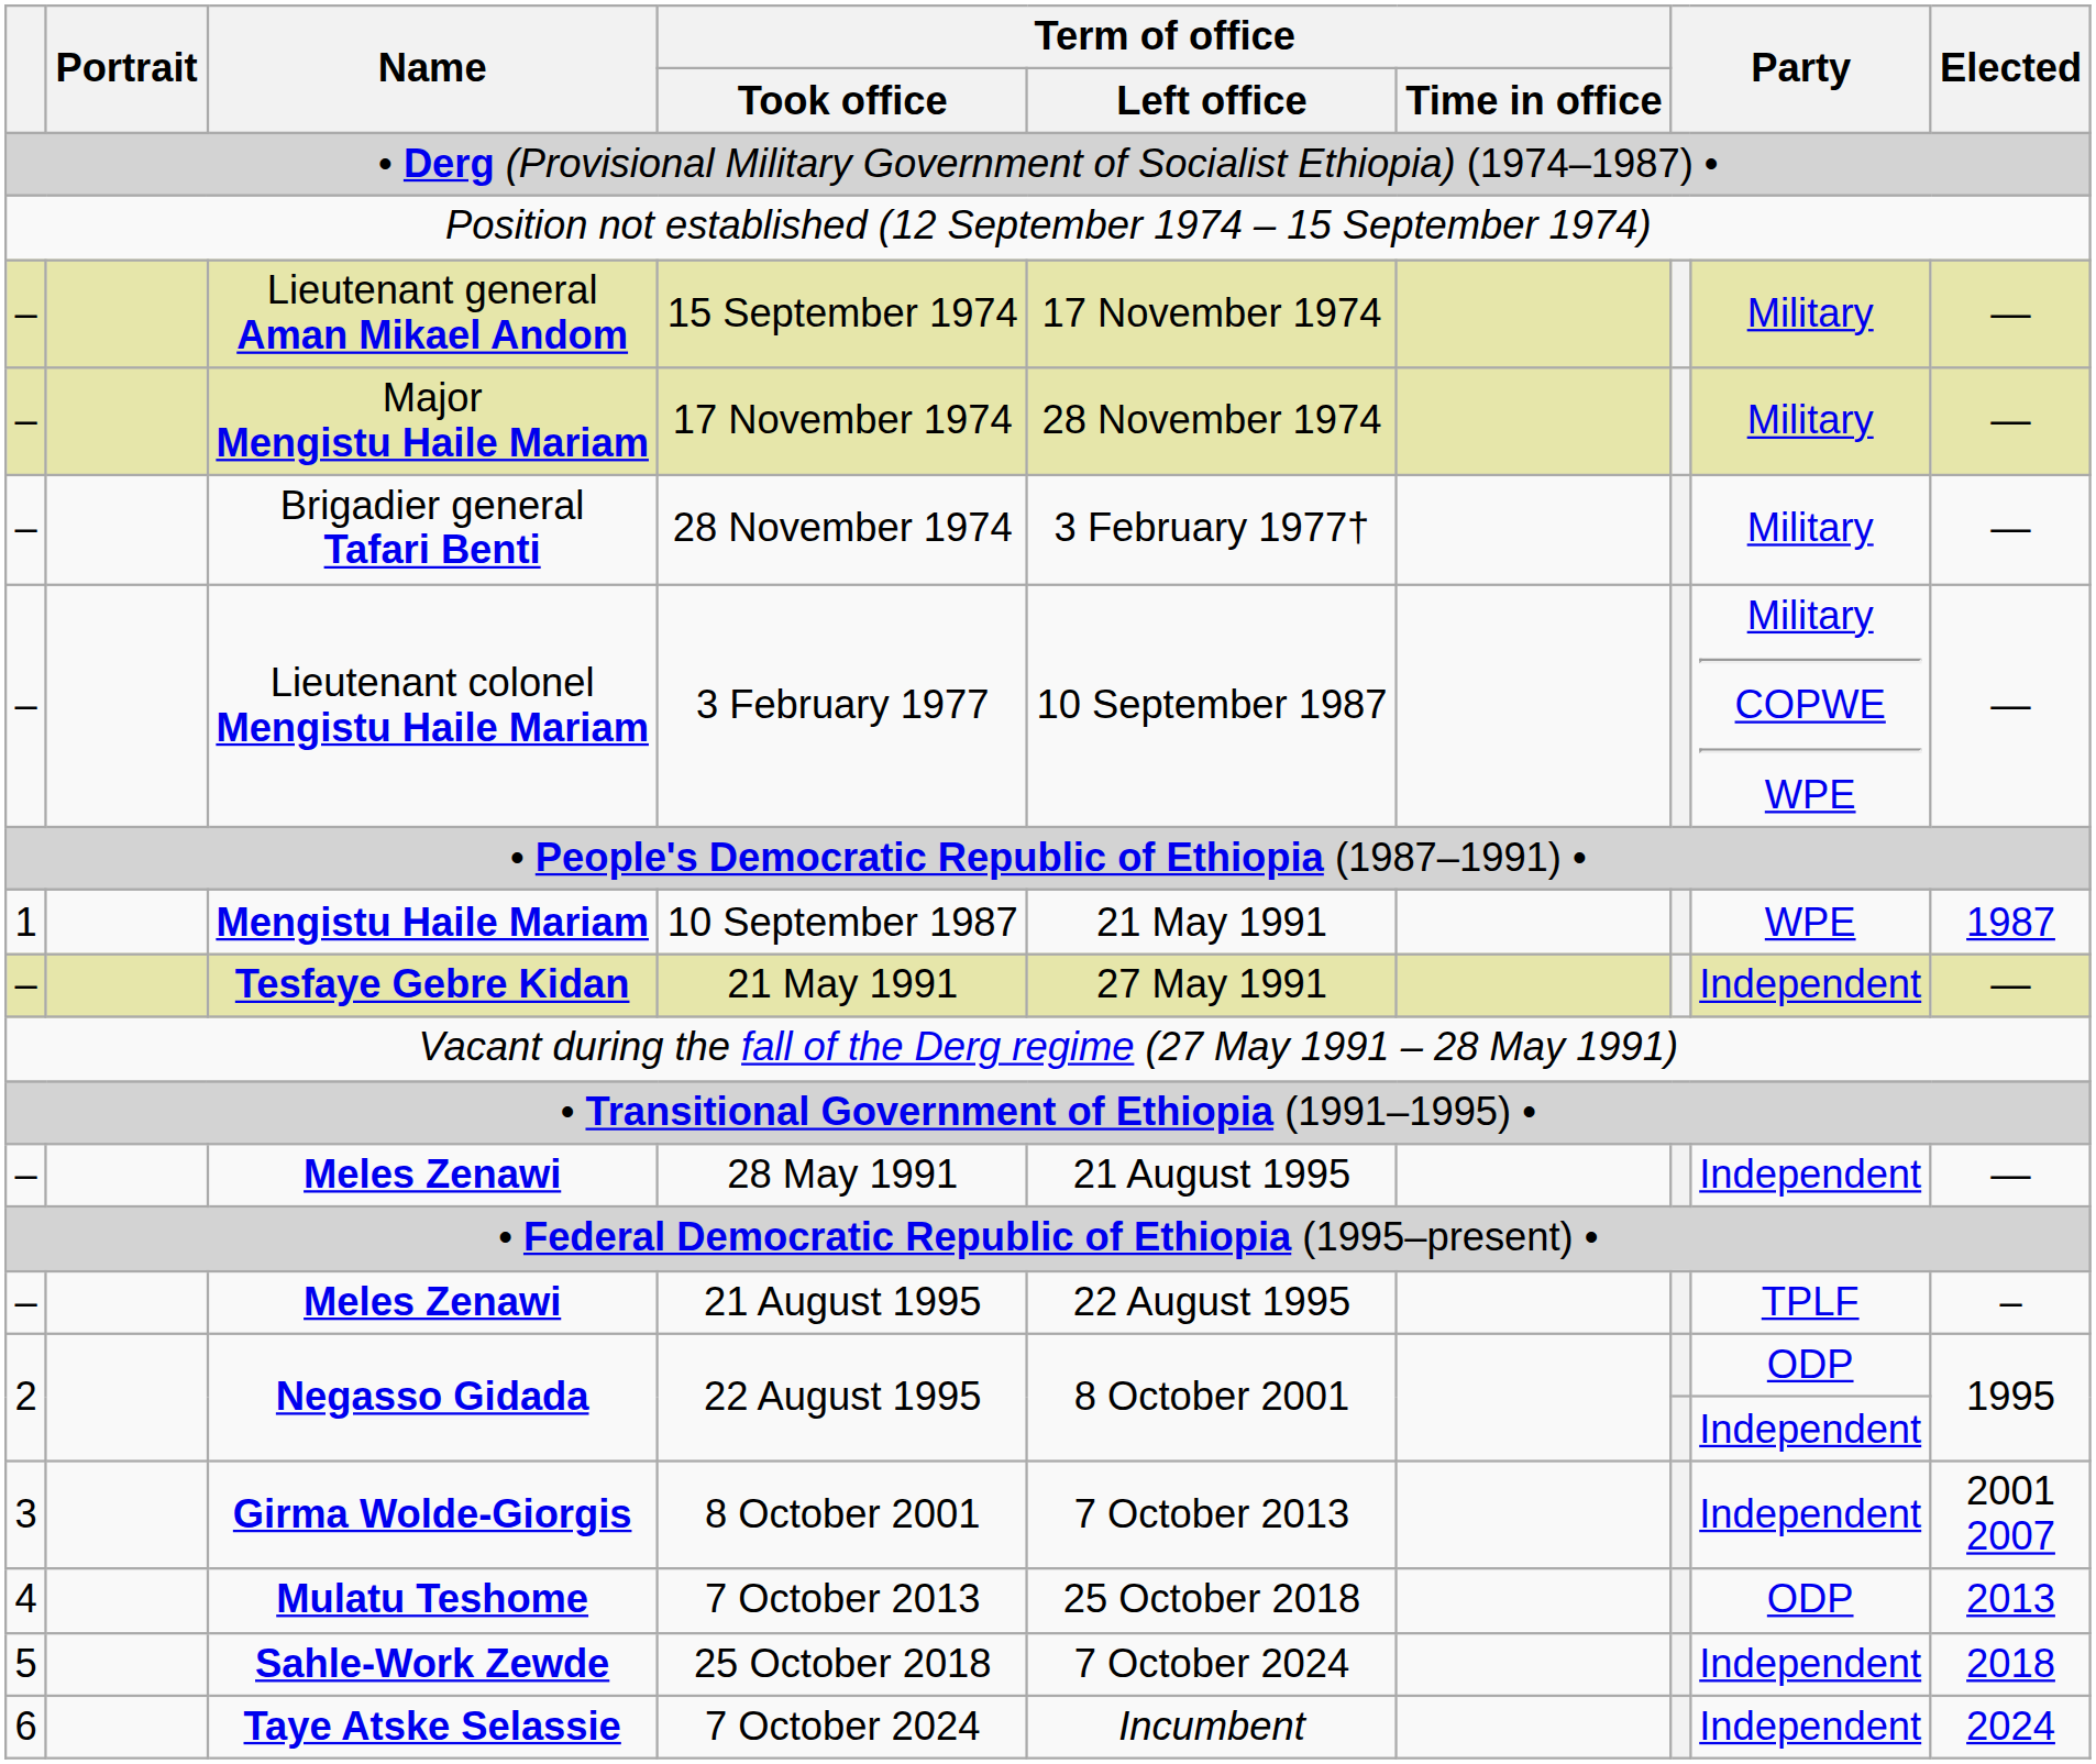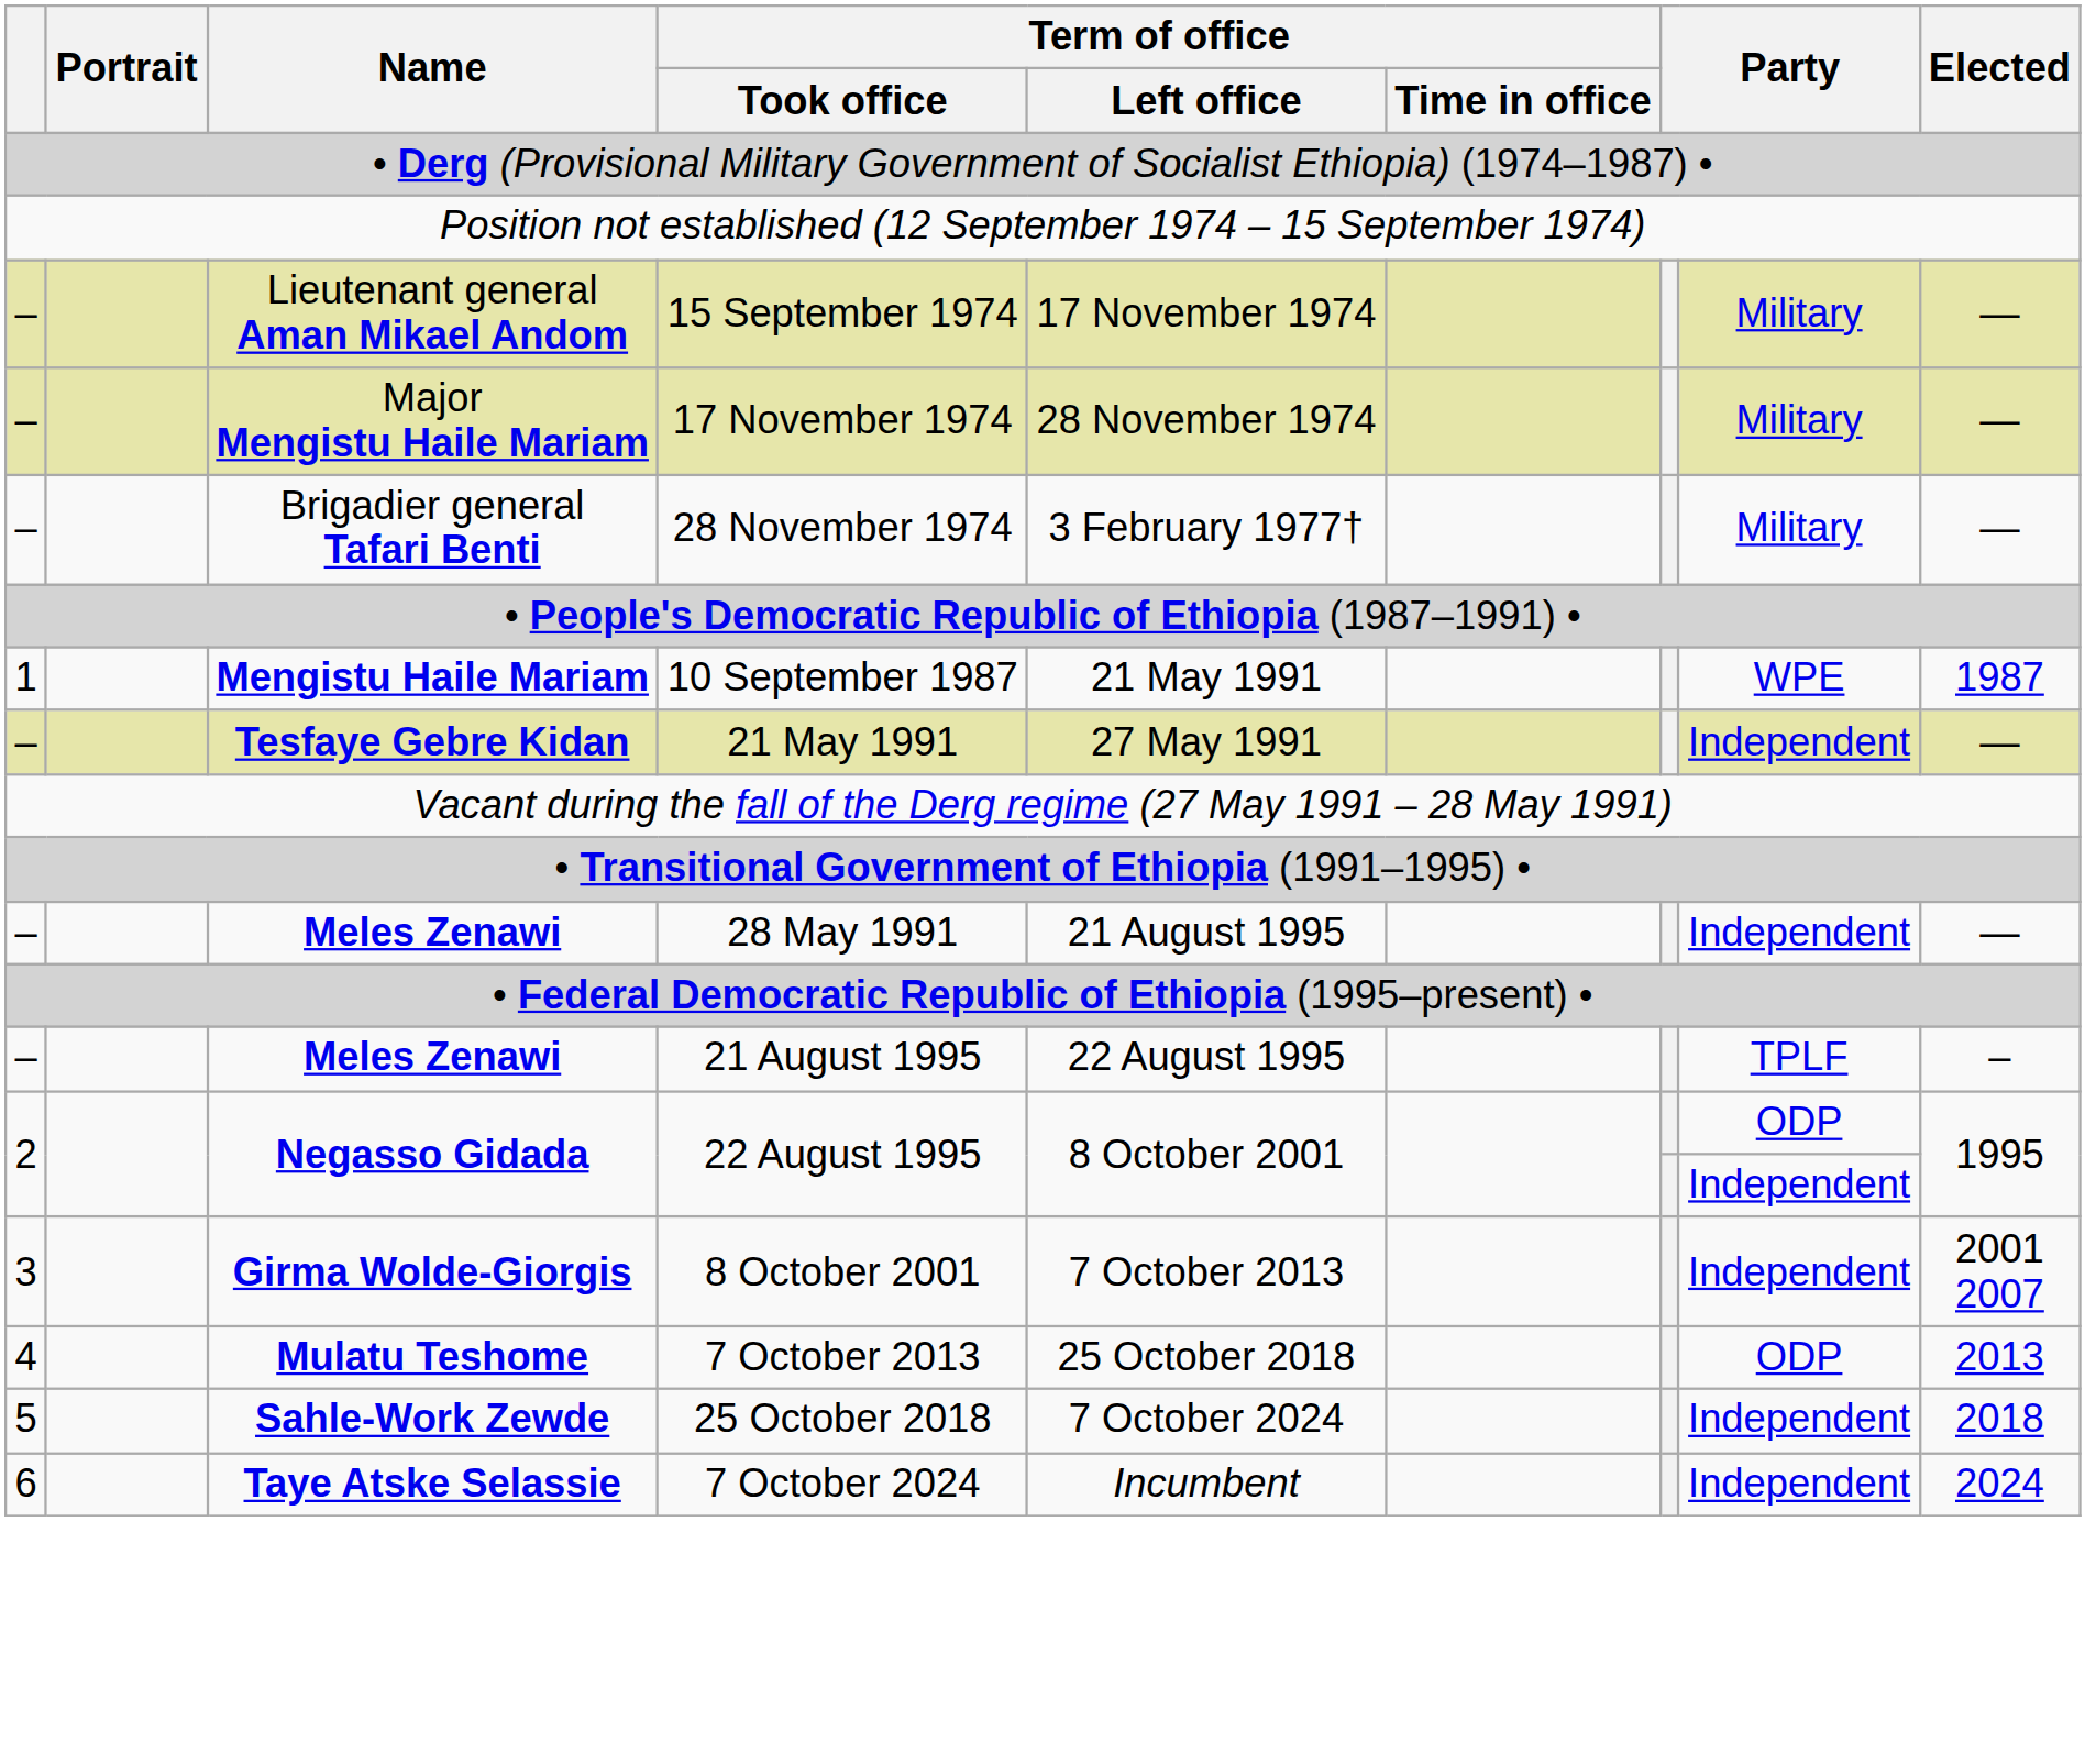 <table class="wikitable" style="text-align:center">
 <tr>
 <th rowspan=2></th>
 <th rowspan=2>Portrait</th>
 <th rowspan=2>Name<br></th>
 <th colspan=3>Term of office</th>
 <th colspan=2 rowspan=2>Party<br></th>
 <th rowspan=2>Elected</th>
 </tr>
 <tr>
 <th>Took office</th>
 <th>Left office</th>
 <th>Time in office</th>
 </tr>
 <tr bgcolor="lightgrey">
 <td colspan=9> • <strong><a href='#'>Derg</a></strong> <em>(Provisional Military Government of Socialist Ethiopia)</em> (1974–1987) • </td>
 </tr>
 <tr>
 <td colspan=9><em>Position not established (12 September 1974 – 15 September 1974)</em></td>
 </tr>
 <tr style="background:#E6E6AA">
 <td>–</td>
 <td></td>
 <td>Lieutenant general<br><strong><a href='#'>Aman Mikael Andom</a></strong><br></td>
 <td>15 September 1974</td>
 <td>17 November 1974<br></td>
 <td></td>
 <th style="background:"></th>
 <td><a href='#'>Military</a></td>
 <td>—</td>
 </tr>
 <tr style="background:#E6E6AA">
 <td>–</td>
 <td></td>
 <td>Major<br><strong><a href='#'>Mengistu Haile Mariam</a></strong><br></td>
 <td>17 November 1974</td>
 <td>28 November 1974</td>
 <td></td>
 <th style="background:"></th>
 <td><a href='#'>Military</a></td>
 <td>—</td>
 </tr>
 <tr>
 <td>–</td>
 <td></td>
 <td>Brigadier general<br><strong><a href='#'>Tafari Benti</a></strong><br></td>
 <td>28 November 1974</td>
 <td>3 February 1977†</td>
 <td></td>
 <th style="background:"></th>
 <td><a href='#'>Military</a></td>
-<td>—</td>
-</tr>
-<tr>
-<td>–</td>
-<td></td>
-<td>Lieutenant colonel<br><strong><a href='#'>Mengistu Haile Mariam</a></strong><br></td>
-<td>3 February 1977</td>
-<td>10 September 1987</td>
-<td></td>
-<th style="background:"></th>
-<td><a href='#'>Military</a><hr><a href='#'>COPWE</a><hr><a href='#'>WPE</a></td>
 <td>—</td>
 </tr>
 <tr bgcolor="lightgrey">
 <td colspan=9> • <strong><a href='#'>People's Democratic Republic of Ethiopia</a></strong> (1987–1991) • </td>
 </tr>
 <tr>
 <td>1</td>
 <td></td>
 <td><strong><a href='#'>Mengistu Haile Mariam</a></strong><br></td>
 <td>10 September 1987</td>
 <td>21 May 1991<br></td>
 <td></td>
 <th style="background:"></th>
 <td><a href='#'>WPE</a></td>
 <td><a href='#'>1987</a></td>
 </tr>
 <tr style="background:#E6E6AA">
 <td>–</td>
 <td></td>
 <td><strong><a href='#'>Tesfaye Gebre Kidan</a></strong><br></td>
 <td>21 May 1991</td>
 <td>27 May 1991<br></td>
 <td></td>
 <th style="background:"></th>
 <td><a href='#'>Independent</a></td>
 <td>—</td>
 </tr>
 <tr>
 <td colspan=9><em>Vacant during the <a href='#'>fall of the Derg regime</a> (27 May 1991 – 28 May 1991)</em></td>
 </tr>
 <tr bgcolor="lightgrey">
 <td colspan=9> • <strong><a href='#'>Transitional Government of Ethiopia</a></strong> (1991–1995) • </td>
 </tr>
 <tr>
 <td>–</td>
 <td></td>
 <td><strong><a href='#'>Meles Zenawi</a></strong><br></td>
 <td>28 May 1991</td>
 <td>21 August 1995</td>
 <td></td>
 <th style="background:"></th>
 <td><a href='#'>Independent</a></td>
 <td>—</td>
 </tr>
 <tr bgcolor="lightgrey">
 <td colspan=9> • <strong><a href='#'>Federal Democratic Republic of Ethiopia</a></strong> (1995–present) • </td>
 </tr>
 <tr>
 <td>–</td>
 <td></td>
 <td><strong><a href='#'>Meles Zenawi</a></strong><br></td>
 <td>21 August 1995</td>
 <td>22 August 1995</td>
 <td></td>
 <th style="background:"></th>
 <td><a href='#'>TPLF</a><br></td>
 <td>–</td>
 </tr>
 <tr>
 <td rowspan=2>2</td>
 <td rowspan=2></td>
 <td rowspan=2><strong><a href='#'>Negasso Gidada</a></strong><br></td>
 <td rowspan=2>22 August 1995</td>
 <td rowspan=2>8 October 2001</td>
 <td rowspan=2></td>
 <th style="background:"></th>
 <td><a href='#'>ODP</a><br></td>
 <td rowspan=2>1995</td>
 </tr>
 <tr>
 <th style="background:"></th>
 <td><a href='#'>Independent</a></td>
 </tr>
 <tr>
 <td>3</td>
 <td></td>
 <td><strong><a href='#'>Girma Wolde-Giorgis</a></strong><br></td>
 <td>8 October 2001</td>
 <td>7 October 2013</td>
 <td></td>
 <th style="background:"></th>
 <td><a href='#'>Independent</a></td>
 <td>2001<br><a href='#'>2007</a></td>
 </tr>
 <tr>
 <td>4</td>
 <td></td>
 <td><strong><a href='#'>Mulatu Teshome</a></strong><br></td>
 <td>7 October 2013</td>
 <td>25 October 2018</td>
 <td></td>
 <th style="background:"></th>
 <td><a href='#'>ODP</a><br></td>
 <td><a href='#'>2013</a></td>
 </tr>
 <tr>
 <td>5</td>
 <td></td>
 <td><strong><a href='#'>Sahle-Work Zewde</a></strong><br></td>
 <td>25 October 2018</td>
 <td>7 October 2024</td>
 <td></td>
 <th style="background:"></th>
 <td><a href='#'>Independent</a></td>
 <td><a href='#'>2018</a></td>
 </tr>
 <tr>
 <td>6</td>
 <td></td>
 <td><strong><a href='#'>Taye Atske Selassie</a></strong><br></td>
 <td>7 October 2024</td>
 <td><em>Incumbent</em></td>
 <td></td>
 <th style="background:"></th>
 <td><a href='#'>Independent</a></td>
 <td><a href='#'>2024</a></td>
 </tr>
 </table>
